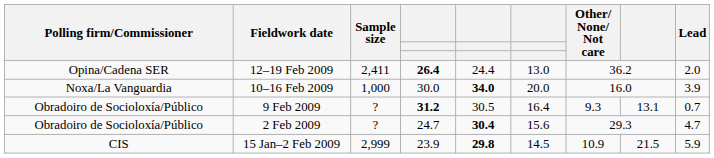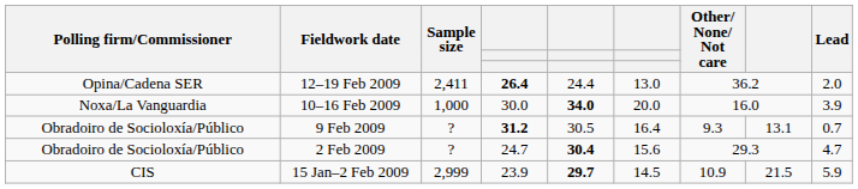 <table class="wikitable collapsible collapsed" style="text-align:center; font-size:90%; line-height:14px;">
 <tr style="height:42px;">
 <th style="width:250px;" rowspan="3">Polling firm/Commissioner</th>
 <th style="width:125px;" rowspan="3">Fieldwork date</th>
 <th style="width:50px;" rowspan="3">Sample size</th>
 <th style="width:55px;"></th>
 <th style="width:55px;"></th>
 <th style="width:55px;"></th>
 <th style="width:55px;" rowspan="3">Other/<br>None/<br>Not<br>care</th>
 <th style="width:55px;" rowspan="3"></th>
 <th style="width:30px;" rowspan="3">Lead</th>
 </tr>
 <tr>
 <th style="color:inherit;background:"></th>
 <th style="color:inherit;background:"></th>
 <th style="color:inherit;background:"></th>
 </tr>
 <tr>
 <th></th>
 <th></th>
 <th></th>
 </tr>
 <tr>
 <td>Opina/Cadena SER</td>
 <td>12–19 Feb 2009</td>
 <td>2,411</td>
 <td><strong>26.4</strong></td>
 <td>24.4</td>
 <td>13.0</td>
 <td colspan="2">36.2</td>
 <td style="background:">2.0</td>
 </tr>
 <tr>
 <td>Noxa/La Vanguardia</td>
 <td>10–16 Feb 2009</td>
 <td>1,000</td>
 <td>30.0</td>
 <td><strong>34.0</strong></td>
 <td>20.0</td>
 <td colspan="2">16.0</td>
 <td style="background:">3.9</td>
 </tr>
 <tr>
 <td>Obradoiro de Socioloxía/Público</td>
 <td>9 Feb 2009</td>
 <td>?</td>
 <td><strong>31.2</strong></td>
 <td>30.5</td>
 <td>16.4</td>
 <td>9.3</td>
 <td>13.1</td>
 <td style="background:">0.7</td>
 </tr>
 <tr>
 <td>Obradoiro de Socioloxía/Público</td>
 <td>2 Feb 2009</td>
 <td>?</td>
 <td>24.7</td>
 <td><strong>30.4</strong></td>
 <td>15.6</td>
 <td colspan="2">29.3</td>
 <td style="background:">4.7</td>
 </tr>
 <tr>
 <td>CIS</td>
 <td>15 Jan–2 Feb 2009</td>
 <td>2,999</td>
 <td>23.9</td>
-<td><strong>29.8</strong></td>
+<td><strong>29.7</strong></td>
 <td>14.5</td>
 <td>10.9</td>
 <td>21.5</td>
 <td style="background:">5.9</td>
 </tr>
 </table>
